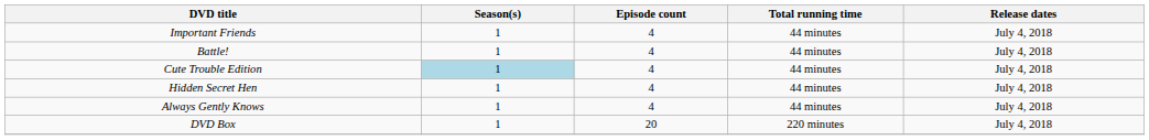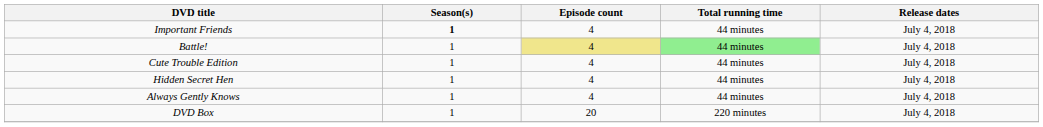 <table class="wikitable sortable" style="text-align:center">
 <tr>
 <th style="width:19%;">DVD title</th>
 <th style="width:7%;">Season(s)</th>
 <th style="width:7%;">Episode count</th>
 <th style="width:8%;">Total running time</th>
 <th style="width:11%;">Release dates</th>
 </tr>
 <tr>
 <td><em>Important Friends</em></td>
-<td>1</td>
+<td><strong>1</strong></td>
 <td>4</td>
 <td>44 minutes</td>
 <td>July 4, 2018</td>
 </tr>
 <tr>
 <td><em>Battle!</em></td>
 <td>1</td>
-<td>4</td>
-<td>44 minutes</td>
+<td style="background: khaki;">4</td>
+<td style="background: lightgreen;">44 minutes</td>
 <td>July 4, 2018</td>
 </tr>
 <tr>
 <td><em>Cute Trouble Edition</em></td>
-<td style="background: lightblue;">1</td>
+<td>1</td>
 <td>4</td>
 <td>44 minutes</td>
 <td>July 4, 2018</td>
 </tr>
 <tr>
 <td><em>Hidden Secret Hen</em></td>
 <td>1</td>
 <td>4</td>
 <td>44 minutes</td>
 <td>July 4, 2018</td>
 </tr>
 <tr>
 <td><em>Always Gently Knows</em></td>
 <td>1</td>
 <td>4</td>
 <td>44 minutes</td>
 <td>July 4, 2018</td>
 </tr>
 <tr>
 <td><em>DVD Box</em></td>
 <td>1</td>
 <td>20</td>
 <td>220 minutes</td>
 <td>July 4, 2018</td>
 </tr>
 <tr>
 </tr>
 </table>
